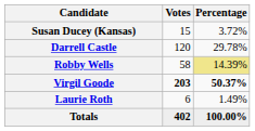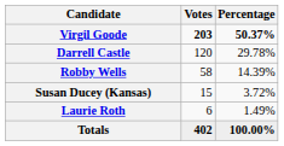 <table class="wikitable plainrowheaders" style="text-align:right;" border="1">
 <tr>
 <th scope="col" style="width:14em;">Candidate</th>
 <th scope="col">Votes</th>
 <th scope="col">Percentage</th>
 </tr>
 <tr>
-<th scope="row">Susan Ducey (Kansas)</th>
-<td>15</td>
-<td>3.72%</td>
+<th scope="row"><a href='#'>Virgil Goode</a></th>
+<td><strong>203</strong></td>
+<td><strong>50.37%</strong></td>
 </tr>
 <tr>
 <th scope="row"><a href='#'>Darrell Castle</a></th>
 <td>120</td>
 <td>29.78%</td>
 </tr>
 <tr>
 <th scope="row"><a href='#'>Robby Wells</a></th>
 <td>58</td>
-<td style="background: khaki;">14.39%</td>
+<td>14.39%</td>
 </tr>
 <tr>
-<th scope="row"><a href='#'>Virgil Goode</a></th>
-<td><strong>203</strong></td>
-<td><strong>50.37%</strong></td>
+<th scope="row">Susan Ducey (Kansas)</th>
+<td>15</td>
+<td>3.72%</td>
 </tr>
 <tr>
 <th scope="row"><a href='#'>Laurie Roth</a></th>
 <td>6</td>
 <td>1.49%</td>
 </tr>
 <tr style="background:#eee;">
 <th scope="row"><strong>Totals</strong></th>
 <td><strong>402</strong></td>
 <td><strong>100.00%</strong></td>
 </tr>
 </table>
